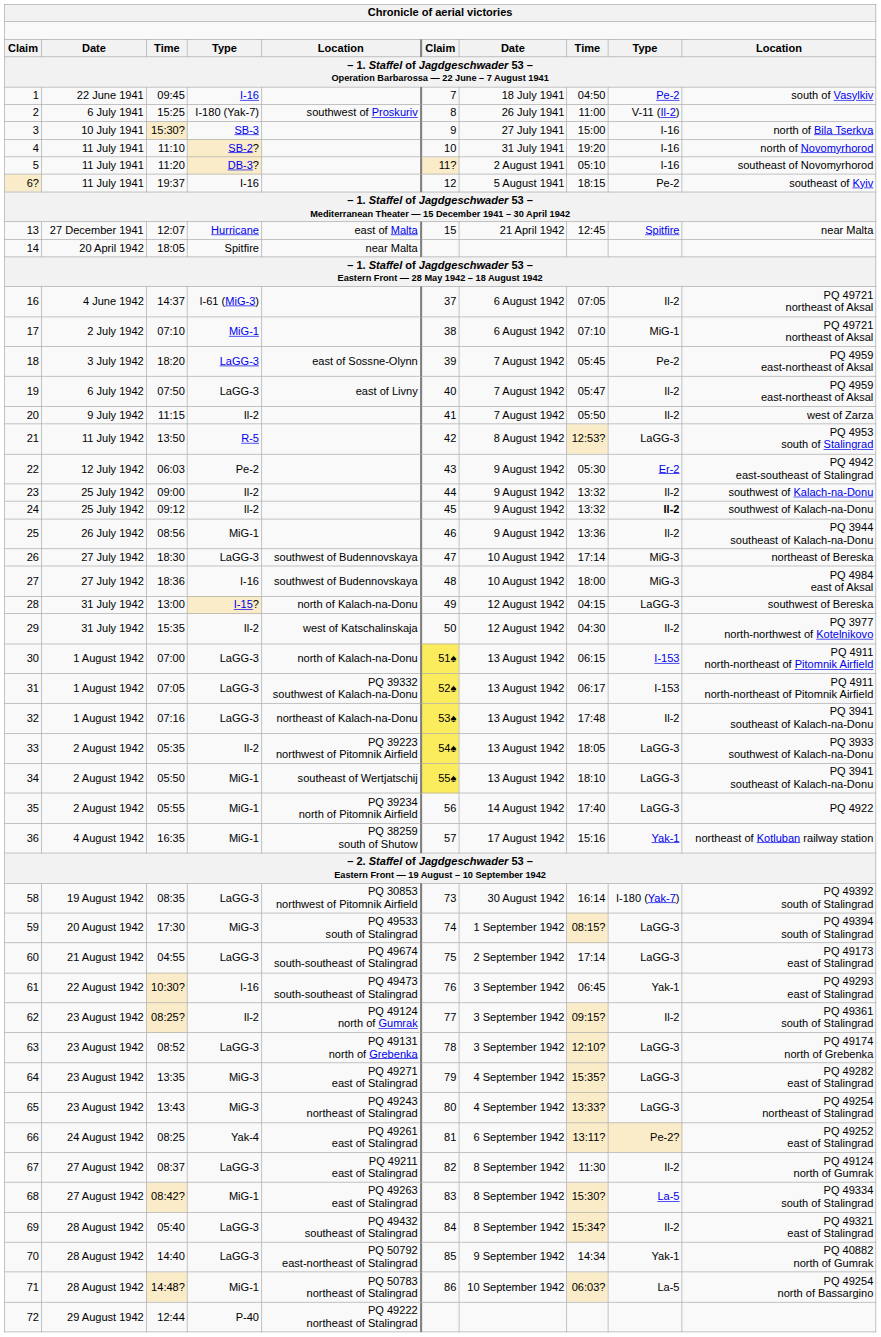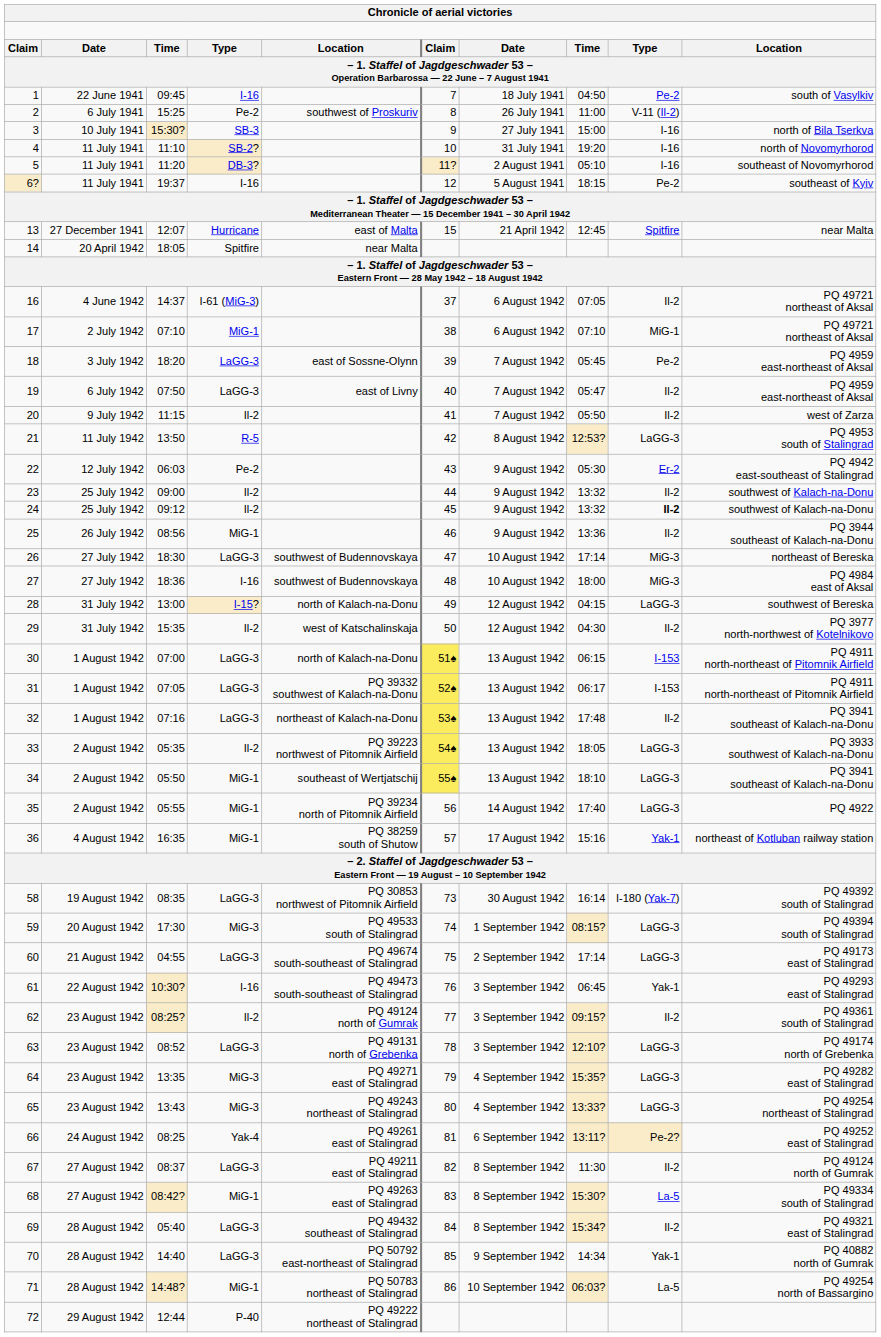 <table class="wikitable plainrowheaders collapsible" style="margin-left: auto; margin-right: auto; border: none; text-align:right; width: 100%;">
 <tr>
 <th colspan="10">Chronicle of aerial victories</th>
 </tr>
 <tr>
 <td colspan="10" style="text-align: left;"><br> </td>
 </tr>
 <tr>
 <th scope="col">Claim</th>
 <th scope="col">Date</th>
 <th scope="col">Time</th>
 <th scope="col" width="100px">Type</th>
 <th scope="col">Location</th>
 <th scope="col" style="border-left: 3px solid grey;">Claim</th>
 <th scope="col">Date</th>
 <th scope="col">Time</th>
 <th scope="col" width="100px">Type</th>
 <th scope="col">Location</th>
 </tr>
 <tr>
 <th colspan="10">– 1. <em>Staffel</em> of <em>Jagdgeschwader</em> 53 –<br><small>Operation Barbarossa — 22 June – 7 August 1941</small></th>
 </tr>
 <tr>
 <td>1</td>
 <td>22 June 1941</td>
 <td>09:45</td>
 <td><a href='#'>I-16</a></td>
 <td></td>
 <td style="border-left: 3px solid grey;">7</td>
 <td>18 July 1941</td>
 <td>04:50</td>
 <td><a href='#'>Pe-2</a></td>
 <td>south of <a href='#'>Vasylkiv</a></td>
 </tr>
 <tr>
 <td>2</td>
 <td>6 July 1941</td>
 <td>15:25</td>
-<td>I-180 (Yak-7)</td>
+<td>Pe-2</td>
 <td> southwest of <a href='#'>Proskuriv</a></td>
 <td style="border-left: 3px solid grey;">8</td>
 <td>26 July 1941</td>
 <td>11:00</td>
 <td>V-11 (<a href='#'>Il-2</a>)</td>
 <td></td>
 </tr>
 <tr>
 <td>3</td>
 <td>10 July 1941</td>
 <td style="background:#faecc8">15:30?</td>
 <td><a href='#'>SB-3</a></td>
 <td></td>
 <td style="border-left: 3px solid grey;">9</td>
 <td>27 July 1941</td>
 <td>15:00</td>
 <td>I-16</td>
 <td>north of <a href='#'>Bila Tserkva</a></td>
 </tr>
 <tr>
 <td>4</td>
 <td>11 July 1941</td>
 <td>11:10</td>
 <td style="background:#faecc8"><a href='#'>SB-2</a>?</td>
 <td></td>
 <td style="border-left: 3px solid grey;">10</td>
 <td>31 July 1941</td>
 <td>19:20</td>
 <td>I-16</td>
 <td>north of <a href='#'>Novomyrhorod</a></td>
 </tr>
 <tr>
 <td>5</td>
 <td>11 July 1941</td>
 <td>11:20</td>
 <td style="background:#faecc8"><a href='#'>DB-3</a>?</td>
 <td></td>
 <td style="border-left: 3px solid grey; background:#faecc8">11?</td>
 <td>2 August 1941</td>
 <td>05:10</td>
 <td>I-16</td>
 <td> southeast of Novomyrhorod</td>
 </tr>
 <tr>
 <td style="background:#faecc8">6?</td>
 <td>11 July 1941</td>
 <td>19:37</td>
 <td>I-16</td>
 <td></td>
 <td style="border-left: 3px solid grey;">12</td>
 <td>5 August 1941</td>
 <td>18:15</td>
 <td>Pe-2</td>
 <td>southeast of <a href='#'>Kyiv</a></td>
 </tr>
 <tr>
 <th colspan="10">– 1. <em>Staffel</em> of <em>Jagdgeschwader</em> 53 –<br><small>Mediterranean Theater — 15 December 1941 – 30 April 1942</small></th>
 </tr>
 <tr>
 <td>13</td>
 <td>27 December 1941</td>
 <td>12:07</td>
 <td><a href='#'>Hurricane</a></td>
 <td> east of <a href='#'>Malta</a></td>
 <td style="border-left: 3px solid grey;">15</td>
 <td>21 April 1942</td>
 <td>12:45</td>
 <td><a href='#'>Spitfire</a></td>
 <td>near Malta</td>
 </tr>
 <tr>
 <td>14</td>
 <td>20 April 1942</td>
 <td>18:05</td>
 <td>Spitfire</td>
 <td>near Malta</td>
 <td style="border-left: 3px solid grey;"></td>
 <td></td>
 <td></td>
 <td></td>
 <td></td>
 </tr>
 <tr>
 <th colspan="10">– 1. <em>Staffel</em> of <em>Jagdgeschwader</em> 53 –<br><small>Eastern Front — 28 May 1942 – 18 August 1942</small></th>
 </tr>
 <tr>
 <td>16</td>
 <td>4 June 1942</td>
 <td>14:37</td>
 <td>I-61 (<a href='#'>MiG-3</a>)</td>
 <td></td>
 <td style="border-left: 3px solid grey;">37</td>
 <td>6 August 1942</td>
 <td>07:05</td>
 <td>Il-2</td>
 <td>PQ 49721<br> northeast of Aksal</td>
 </tr>
 <tr>
 <td>17</td>
 <td>2 July 1942</td>
 <td>07:10</td>
 <td><a href='#'>MiG-1</a></td>
 <td></td>
 <td style="border-left: 3px solid grey;">38</td>
 <td>6 August 1942</td>
 <td>07:10</td>
 <td>MiG-1</td>
 <td>PQ 49721<br> northeast of Aksal</td>
 </tr>
 <tr>
 <td>18</td>
 <td>3 July 1942</td>
 <td>18:20</td>
 <td><a href='#'>LaGG-3</a></td>
 <td> east of Sossne-Olynn</td>
 <td style="border-left: 3px solid grey;">39</td>
 <td>7 August 1942</td>
 <td>05:45</td>
 <td>Pe-2</td>
 <td>PQ 4959<br> east-northeast of Aksal</td>
 </tr>
 <tr>
 <td>19</td>
 <td>6 July 1942</td>
 <td>07:50</td>
 <td>LaGG-3</td>
 <td> east of Livny</td>
 <td style="border-left: 3px solid grey;">40</td>
 <td>7 August 1942</td>
 <td>05:47</td>
 <td>Il-2</td>
 <td>PQ 4959<br> east-northeast of Aksal</td>
 </tr>
 <tr>
 <td>20</td>
 <td>9 July 1942</td>
 <td>11:15</td>
 <td>Il-2</td>
 <td></td>
 <td style="border-left: 3px solid grey;">41</td>
 <td>7 August 1942</td>
 <td>05:50</td>
 <td>Il-2</td>
 <td>west of Zarza</td>
 </tr>
 <tr>
 <td>21</td>
 <td>11 July 1942</td>
 <td>13:50</td>
 <td><a href='#'>R-5</a></td>
 <td></td>
 <td style="border-left: 3px solid grey;">42</td>
 <td>8 August 1942</td>
 <td style="background:#faecc8">12:53?</td>
 <td>LaGG-3</td>
 <td>PQ 4953<br> south of <a href='#'>Stalingrad</a></td>
 </tr>
 <tr>
 <td>22</td>
 <td>12 July 1942</td>
 <td>06:03</td>
 <td>Pe-2</td>
 <td></td>
 <td style="border-left: 3px solid grey;">43</td>
 <td>9 August 1942</td>
 <td>05:30</td>
 <td><a href='#'>Er-2</a></td>
 <td>PQ 4942<br> east-southeast of Stalingrad</td>
 </tr>
 <tr>
 <td>23</td>
 <td>25 July 1942</td>
 <td>09:00</td>
 <td>Il-2</td>
 <td></td>
 <td style="border-left: 3px solid grey;">44</td>
 <td>9 August 1942</td>
 <td>13:32</td>
 <td>Il-2</td>
 <td>southwest of <a href='#'>Kalach-na-Donu</a></td>
 </tr>
 <tr>
 <td>24</td>
 <td>25 July 1942</td>
 <td>09:12</td>
 <td>Il-2</td>
 <td></td>
 <td style="border-left: 3px solid grey;">45</td>
 <td>9 August 1942</td>
 <td>13:32</td>
 <td><strong>Il-2</strong></td>
 <td>southwest of Kalach-na-Donu</td>
 </tr>
 <tr>
 <td>25</td>
 <td>26 July 1942</td>
 <td>08:56</td>
 <td>MiG-1</td>
 <td></td>
 <td style="border-left: 3px solid grey;">46</td>
 <td>9 August 1942</td>
 <td>13:36</td>
 <td>Il-2</td>
 <td>PQ 3944<br> southeast of Kalach-na-Donu</td>
 </tr>
 <tr>
 <td>26</td>
 <td>27 July 1942</td>
 <td>18:30</td>
 <td>LaGG-3</td>
 <td> southwest of Budennovskaya</td>
 <td style="border-left: 3px solid grey;">47</td>
 <td>10 August 1942</td>
 <td>17:14</td>
 <td>MiG-3</td>
 <td>northeast of Bereska</td>
 </tr>
 <tr>
 <td>27</td>
 <td>27 July 1942</td>
 <td>18:36</td>
 <td>I-16</td>
 <td> southwest of Budennovskaya</td>
 <td style="border-left: 3px solid grey;">48</td>
 <td>10 August 1942</td>
 <td>18:00</td>
 <td>MiG-3</td>
 <td>PQ 4984<br> east of Aksal</td>
 </tr>
 <tr>
 <td>28</td>
 <td>31 July 1942</td>
 <td>13:00</td>
 <td style="background:#faecc8"><a href='#'>I-15</a>?</td>
 <td> north of Kalach-na-Donu</td>
 <td style="border-left: 3px solid grey;">49</td>
 <td>12 August 1942</td>
 <td>04:15</td>
 <td>LaGG-3</td>
 <td>southwest of Bereska</td>
 </tr>
 <tr>
 <td>29</td>
 <td>31 July 1942</td>
 <td>15:35</td>
 <td>Il-2</td>
 <td> west of Katschalinskaja</td>
 <td style="border-left: 3px solid grey;">50</td>
 <td>12 August 1942</td>
 <td>04:30</td>
 <td>Il-2</td>
 <td>PQ 3977<br> north-northwest of <a href='#'>Kotelnikovo</a></td>
 </tr>
 <tr>
 <td>30</td>
 <td>1 August 1942</td>
 <td>07:00</td>
 <td>LaGG-3</td>
 <td>north of Kalach-na-Donu</td>
 <td style="border-left: 3px solid grey; background:#fbec5d;">51♠</td>
 <td>13 August 1942</td>
 <td>06:15</td>
 <td><a href='#'>I-153</a></td>
 <td>PQ 4911<br> north-northeast of <a href='#'>Pitomnik Airfield</a></td>
 </tr>
 <tr>
 <td>31</td>
 <td>1 August 1942</td>
 <td>07:05</td>
 <td>LaGG-3</td>
 <td>PQ 39332<br> southwest of Kalach-na-Donu</td>
 <td style="border-left: 3px solid grey; background:#fbec5d;">52♠</td>
 <td>13 August 1942</td>
 <td>06:17</td>
 <td>I-153</td>
 <td>PQ 4911<br> north-northeast of Pitomnik Airfield</td>
 </tr>
 <tr>
 <td>32</td>
 <td>1 August 1942</td>
 <td>07:16</td>
 <td>LaGG-3</td>
 <td>northeast of Kalach-na-Donu</td>
 <td style="border-left: 3px solid grey; background:#fbec5d;">53♠</td>
 <td>13 August 1942</td>
 <td>17:48</td>
 <td>Il-2</td>
 <td>PQ 3941<br> southeast of Kalach-na-Donu</td>
 </tr>
 <tr>
 <td>33</td>
 <td>2 August 1942</td>
 <td>05:35</td>
 <td>Il-2</td>
 <td>PQ 39223<br> northwest of Pitomnik Airfield</td>
 <td style="border-left: 3px solid grey; background:#fbec5d;">54♠</td>
 <td>13 August 1942</td>
 <td>18:05</td>
 <td>LaGG-3</td>
 <td>PQ 3933<br> southwest of Kalach-na-Donu</td>
 </tr>
 <tr>
 <td>34</td>
 <td>2 August 1942</td>
 <td>05:50</td>
 <td>MiG-1</td>
 <td>southeast of Wertjatschij</td>
 <td style="border-left: 3px solid grey; background:#fbec5d;">55♠</td>
 <td>13 August 1942</td>
 <td>18:10</td>
 <td>LaGG-3</td>
 <td>PQ 3941<br> southeast of Kalach-na-Donu</td>
 </tr>
 <tr>
 <td>35</td>
 <td>2 August 1942</td>
 <td>05:55</td>
 <td>MiG-1</td>
 <td>PQ 39234<br> north of Pitomnik Airfield</td>
 <td style="border-left: 3px solid grey;">56</td>
 <td>14 August 1942</td>
 <td>17:40</td>
 <td>LaGG-3</td>
 <td>PQ 4922</td>
 </tr>
 <tr>
 <td>36</td>
 <td>4 August 1942</td>
 <td>16:35</td>
 <td>MiG-1</td>
 <td>PQ 38259<br> south of Shutow</td>
 <td style="border-left: 3px solid grey;">57</td>
 <td>17 August 1942</td>
 <td>15:16</td>
 <td><a href='#'>Yak-1</a></td>
 <td>northeast of <a href='#'>Kotluban</a> railway station</td>
 </tr>
 <tr>
 <th colspan="10">– 2. <em>Staffel</em> of <em>Jagdgeschwader</em> 53 –<br><small>Eastern Front — 19 August – 10 September 1942</small></th>
 </tr>
 <tr>
 <td>58</td>
 <td>19 August 1942</td>
 <td>08:35</td>
 <td>LaGG-3</td>
 <td>PQ 30853<br> northwest of Pitomnik Airfield</td>
 <td style="border-left: 3px solid grey;">73</td>
 <td>30 August 1942</td>
 <td>16:14</td>
 <td>I-180 (<a href='#'>Yak-7</a>)</td>
 <td>PQ 49392<br> south of Stalingrad</td>
 </tr>
 <tr>
 <td>59</td>
 <td>20 August 1942</td>
 <td>17:30</td>
 <td>MiG-3</td>
 <td>PQ 49533<br> south of Stalingrad</td>
 <td style="border-left: 3px solid grey;">74</td>
 <td>1 September 1942</td>
 <td style="background:#faecc8">08:15?</td>
 <td>LaGG-3</td>
 <td>PQ 49394<br> south of Stalingrad</td>
 </tr>
 <tr>
 <td>60</td>
 <td>21 August 1942</td>
 <td>04:55</td>
 <td>LaGG-3</td>
 <td>PQ 49674<br> south-southeast of Stalingrad</td>
 <td style="border-left: 3px solid grey;">75</td>
 <td>2 September 1942</td>
 <td>17:14</td>
 <td>LaGG-3</td>
 <td>PQ 49173<br> east of Stalingrad</td>
 </tr>
 <tr>
 <td>61</td>
 <td>22 August 1942</td>
 <td style="background:#faecc8">10:30?</td>
 <td>I-16</td>
 <td>PQ 49473<br> south-southeast of Stalingrad</td>
 <td style="border-left: 3px solid grey;">76</td>
 <td>3 September 1942</td>
 <td>06:45</td>
 <td>Yak-1</td>
 <td>PQ 49293<br> east of Stalingrad</td>
 </tr>
 <tr>
 <td>62</td>
 <td>23 August 1942</td>
 <td style="background:#faecc8">08:25?</td>
 <td>Il-2</td>
 <td>PQ 49124<br> north of <a href='#'>Gumrak</a></td>
 <td style="border-left: 3px solid grey;">77</td>
 <td>3 September 1942</td>
 <td style="background:#faecc8">09:15?</td>
 <td>Il-2</td>
 <td>PQ 49361<br> south of Stalingrad</td>
 </tr>
 <tr>
 <td>63</td>
 <td>23 August 1942</td>
 <td>08:52</td>
 <td>LaGG-3</td>
 <td>PQ 49131<br> north of <a href='#'>Grebenka</a></td>
 <td style="border-left: 3px solid grey;">78</td>
 <td>3 September 1942</td>
 <td style="background:#faecc8">12:10?</td>
 <td>LaGG-3</td>
 <td>PQ 49174<br> north of Grebenka</td>
 </tr>
 <tr>
 <td>64</td>
 <td>23 August 1942</td>
 <td>13:35</td>
 <td>MiG-3</td>
 <td>PQ 49271<br> east of Stalingrad</td>
 <td style="border-left: 3px solid grey;">79</td>
 <td>4 September 1942</td>
 <td style="background:#faecc8">15:35?</td>
 <td>LaGG-3</td>
 <td>PQ 49282<br> east of Stalingrad</td>
 </tr>
 <tr>
 <td>65</td>
 <td>23 August 1942</td>
 <td>13:43</td>
 <td>MiG-3</td>
 <td>PQ 49243<br> northeast of Stalingrad</td>
 <td style="border-left: 3px solid grey;">80</td>
 <td>4 September 1942</td>
 <td style="background:#faecc8">13:33?</td>
 <td>LaGG-3</td>
 <td>PQ 49254<br> northeast of Stalingrad</td>
 </tr>
 <tr>
 <td>66</td>
 <td>24 August 1942</td>
 <td>08:25</td>
 <td>Yak-4</td>
 <td>PQ 49261<br> east of Stalingrad</td>
 <td style="border-left: 3px solid grey;">81</td>
 <td>6 September 1942</td>
 <td style="background:#faecc8">13:11?</td>
 <td style="background:#faecc8">Pe-2?</td>
 <td>PQ 49252<br> east of Stalingrad</td>
 </tr>
 <tr>
 <td>67</td>
 <td>27 August 1942</td>
 <td>08:37</td>
 <td>LaGG-3</td>
 <td>PQ 49211<br> east of Stalingrad</td>
 <td style="border-left: 3px solid grey;">82</td>
 <td>8 September 1942</td>
 <td>11:30</td>
 <td>Il-2</td>
 <td>PQ 49124<br> north of Gumrak</td>
 </tr>
 <tr>
 <td>68</td>
 <td>27 August 1942</td>
 <td style="background:#faecc8">08:42?</td>
 <td>MiG-1</td>
 <td>PQ 49263<br> east of Stalingrad</td>
 <td style="border-left: 3px solid grey;">83</td>
 <td>8 September 1942</td>
 <td style="background:#faecc8">15:30?</td>
 <td><a href='#'>La-5</a></td>
 <td>PQ 49334<br> south of Stalingrad</td>
 </tr>
 <tr>
 <td>69</td>
 <td>28 August 1942</td>
 <td>05:40</td>
 <td>LaGG-3</td>
 <td>PQ 49432<br> southeast of Stalingrad</td>
 <td style="border-left: 3px solid grey;">84</td>
 <td>8 September 1942</td>
 <td style="background:#faecc8">15:34?</td>
 <td>Il-2</td>
 <td>PQ 49321<br> east of Stalingrad</td>
 </tr>
 <tr>
 <td>70</td>
 <td>28 August 1942</td>
 <td>14:40</td>
 <td>LaGG-3</td>
 <td>PQ 50792<br> east-northeast of Stalingrad</td>
 <td style="border-left: 3px solid grey;">85</td>
 <td>9 September 1942</td>
 <td>14:34</td>
 <td>Yak-1</td>
 <td>PQ 40882<br> north of Gumrak</td>
 </tr>
 <tr>
 <td>71</td>
 <td>28 August 1942</td>
 <td style="background:#faecc8">14:48?</td>
 <td>MiG-1</td>
 <td>PQ 50783<br> northeast of Stalingrad</td>
 <td style="border-left: 3px solid grey;">86</td>
 <td>10 September 1942</td>
 <td style="background:#faecc8">06:03?</td>
 <td>La-5</td>
 <td>PQ 49254<br> north of Bassargino</td>
 </tr>
 <tr>
 <td>72</td>
 <td>29 August 1942</td>
 <td>12:44</td>
 <td>P-40</td>
 <td>PQ 49222<br> northeast of Stalingrad</td>
 <td style="border-left: 3px solid grey;"></td>
 <td></td>
 <td></td>
 <td></td>
 <td></td>
 </tr>
 </table>
